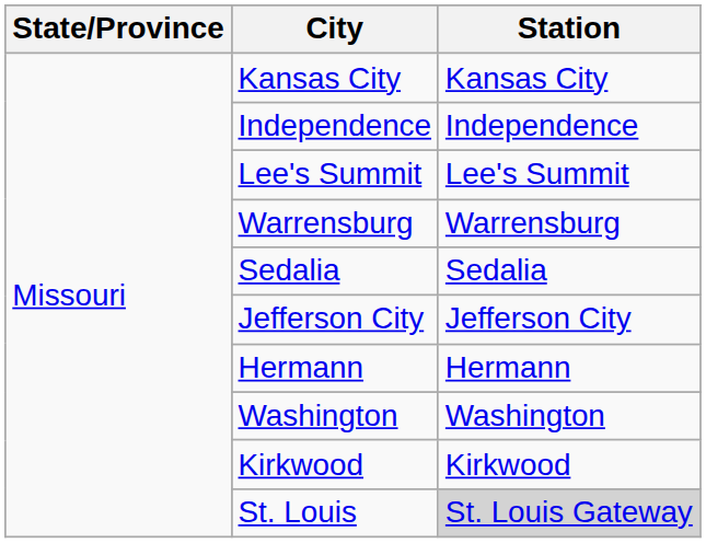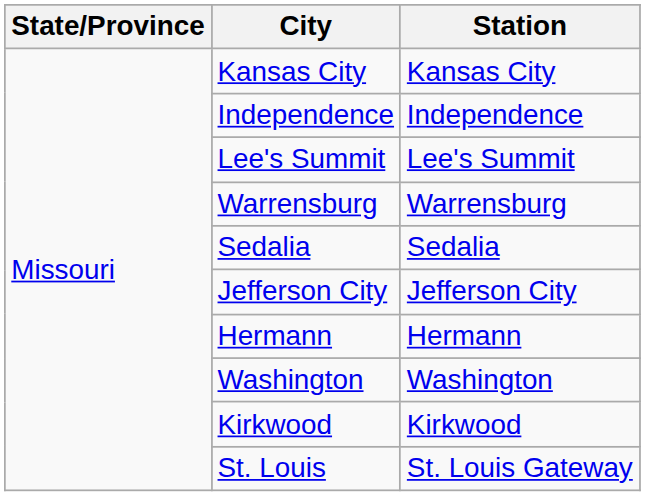 <table class="wikitable mw-collapsible">
 <tr>
 <th>State/Province</th>
 <th>City</th>
 <th>Station</th>
 </tr>
 <tr>
 <td rowspan='10'><a href='#'>Missouri</a></td>
 <td><a href='#'>Kansas City</a></td>
 <td><a href='#'>Kansas City</a></td>
 </tr>
 <tr>
 <td><a href='#'>Independence</a></td>
 <td><a href='#'>Independence</a></td>
 </tr>
 <tr>
 <td><a href='#'>Lee's Summit</a></td>
 <td><a href='#'>Lee's Summit</a></td>
 </tr>
 <tr>
 <td><a href='#'>Warrensburg</a></td>
 <td><a href='#'>Warrensburg</a></td>
 </tr>
 <tr>
 <td><a href='#'>Sedalia</a></td>
 <td><a href='#'>Sedalia</a></td>
 </tr>
 <tr>
 <td><a href='#'>Jefferson City</a></td>
 <td><a href='#'>Jefferson City</a></td>
 </tr>
 <tr>
 <td><a href='#'>Hermann</a></td>
 <td><a href='#'>Hermann</a></td>
 </tr>
 <tr>
 <td><a href='#'>Washington</a></td>
 <td><a href='#'>Washington</a></td>
 </tr>
 <tr>
 <td><a href='#'>Kirkwood</a></td>
 <td><a href='#'>Kirkwood</a></td>
 </tr>
 <tr>
 <td><a href='#'>St. Louis</a></td>
-<td style="background: lightgrey;"><a href='#'>St. Louis Gateway</a></td>
+<td><a href='#'>St. Louis Gateway</a></td>
 </tr>
 </table>
